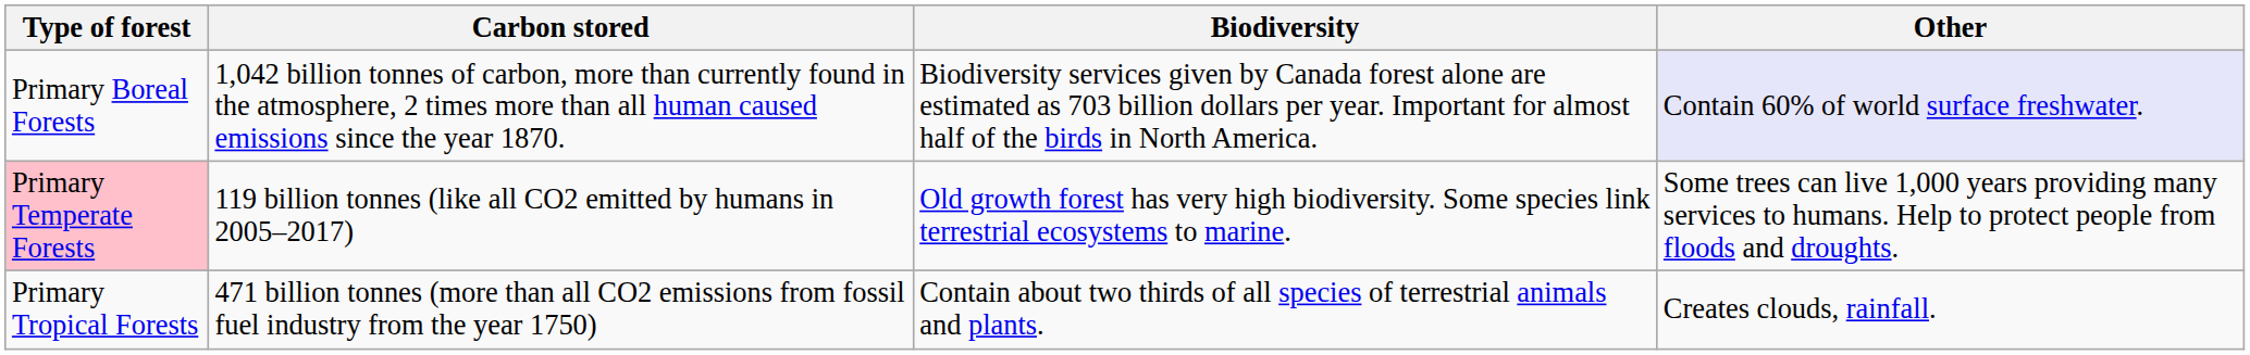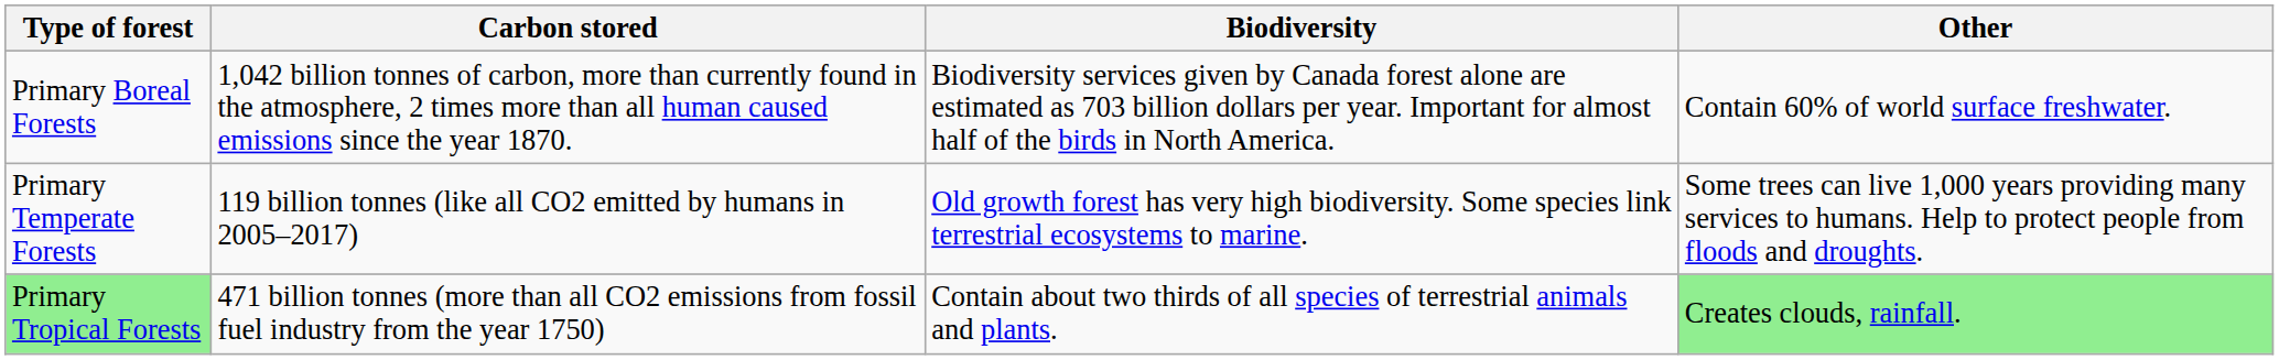 <table class="wikitable">
 <tr>
 <th>Type of forest</th>
 <th>Carbon stored</th>
 <th>Biodiversity</th>
 <th>Other</th>
 </tr>
 <tr>
 <td>Primary <a href='#'>Boreal Forests</a></td>
 <td>1,042 billion tonnes of carbon, more than currently found in the atmosphere, 2 times more than all <a href='#'>human caused emissions</a> since the year 1870.</td>
 <td>Biodiversity services given by Canada forest alone are estimated as 703 billion dollars per year. Important for almost half of the <a href='#'>birds</a> in North America.</td>
-<td style="background: lavender;">Contain 60% of world <a href='#'>surface freshwater</a>.</td>
+<td>Contain 60% of world <a href='#'>surface freshwater</a>.</td>
 </tr>
 <tr>
-<td style="background: pink;">Primary <a href='#'>Temperate Forests</a></td>
+<td>Primary <a href='#'>Temperate Forests</a></td>
 <td>119 billion tonnes (like all CO2 emitted by humans in 2005–2017)</td>
 <td><a href='#'>Old growth forest</a> has very high biodiversity. Some species link <a href='#'>terrestrial ecosystems</a> to <a href='#'>marine</a>.</td>
 <td>Some trees can live 1,000 years providing many services to humans. Help to protect people from <a href='#'>floods</a> and <a href='#'>droughts</a>.</td>
 </tr>
 <tr>
-<td>Primary <a href='#'>Tropical Forests</a></td>
+<td style="background: lightgreen;">Primary <a href='#'>Tropical Forests</a></td>
 <td>471 billion tonnes (more than all CO2 emissions from fossil fuel industry from the year 1750)</td>
 <td>Contain about two thirds of all <a href='#'>species</a> of terrestrial <a href='#'>animals</a> and <a href='#'>plants</a>.</td>
-<td>Creates clouds, <a href='#'>rainfall</a>.</td>
+<td style="background: lightgreen;">Creates clouds, <a href='#'>rainfall</a>.</td>
 </tr>
 </table>
